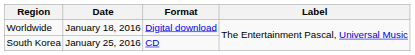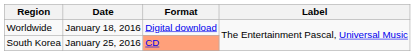 <table class="wikitable">
 <tr>
 <th>Region</th>
 <th>Date</th>
 <th>Format</th>
 <th>Label</th>
 </tr>
 <tr>
 <td>Worldwide</td>
 <td rowspan="2">January 18, 2016</td>
 <td rowspan="2"><a href='#'>Digital download</a></td>
 <td rowspan="3">The Entertainment Pascal, <a href='#'>Universal Music</a></td>
 </tr>
 <tr>
 <td rowspan="2">South Korea</td>
 </tr>
 <tr>
 <td>January 25, 2016</td>
-<td><a href='#'>CD</a></td>
+<td style="background: lightsalmon;"><a href='#'>CD</a></td>
 </tr>
 </table>
